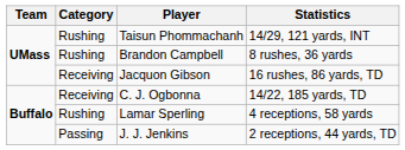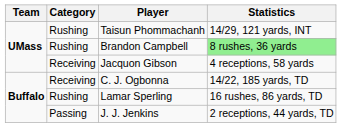 <table class="wikitable" style="float: right;">
 <tr>
 <th>Team</th>
 <th>Category</th>
 <th>Player</th>
 <th>Statistics</th>
 </tr>
 <tr>
 <td rowspan=3><strong>UMass</strong></td>
 <td>Rushing</td>
 <td>Taisun Phommachanh</td>
 <td>14/29, 121 yards, INT</td>
 </tr>
 <tr>
 <td>Rushing</td>
 <td>Brandon Campbell</td>
-<td>8 rushes, 36 yards</td>
+<td style="background: lightgreen;">8 rushes, 36 yards</td>
 </tr>
 <tr>
 <td>Receiving</td>
 <td>Jacquon Gibson</td>
-<td>16 rushes, 86 yards, TD</td>
+<td>4 receptions, 58 yards</td>
 </tr>
 <tr>
 <td rowspan=3><strong>Buffalo</strong></td>
 <td>Receiving</td>
 <td>C. J. Ogbonna</td>
 <td>14/22, 185 yards, TD</td>
 </tr>
 <tr>
 <td>Rushing</td>
 <td>Lamar Sperling</td>
-<td>4 receptions, 58 yards</td>
+<td>16 rushes, 86 yards, TD</td>
 </tr>
 <tr>
 <td>Passing</td>
 <td>J. J. Jenkins</td>
 <td>2 receptions, 44 yards, TD</td>
 </tr>
 </table>
